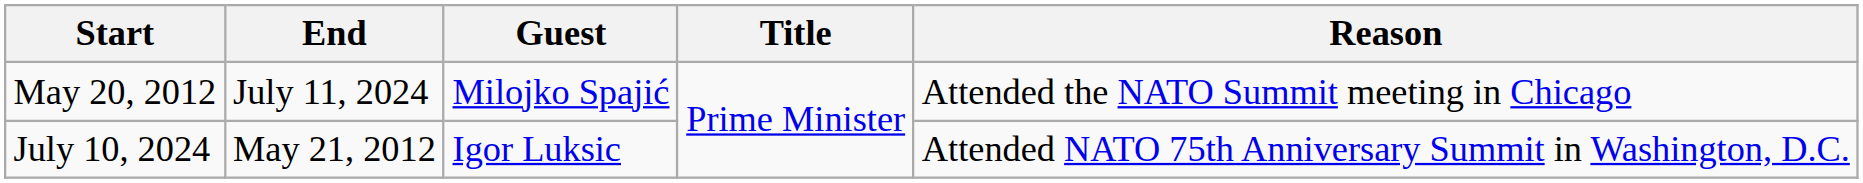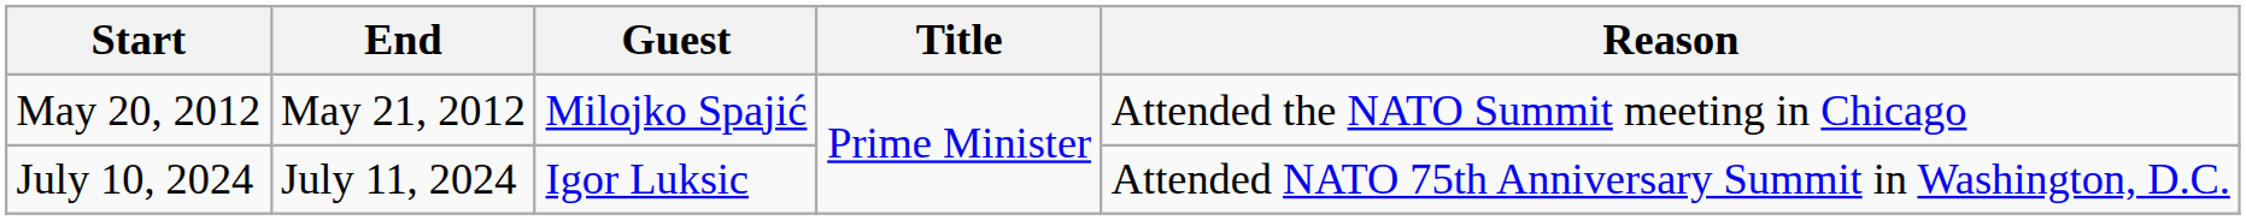 <table class="wikitable sortable">
 <tr>
 <th>Start</th>
 <th>End</th>
 <th>Guest</th>
 <th>Title</th>
 <th>Reason</th>
 </tr>
 <tr>
 <td>May 20, 2012</td>
-<td>July 11, 2024</td>
+<td>May 21, 2012</td>
 <td><a href='#'>Milojko Spajić</a></td>
 <td rowspan=2><a href='#'>Prime Minister</a></td>
 <td>Attended the <a href='#'>NATO Summit</a> meeting in <a href='#'>Chicago</a></td>
 </tr>
 <tr>
 <td>July 10, 2024</td>
-<td>May 21, 2012</td>
+<td>July 11, 2024</td>
 <td><a href='#'>Igor Luksic</a></td>
 <td>Attended <a href='#'>NATO 75th Anniversary Summit</a> in <a href='#'>Washington, D.C.</a></td>
 </tr>
 </table>
